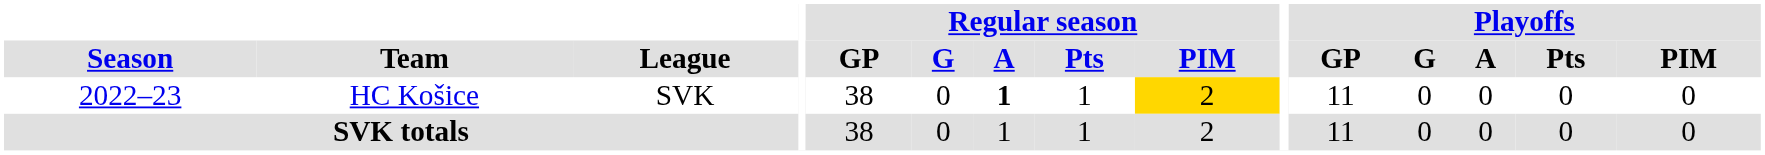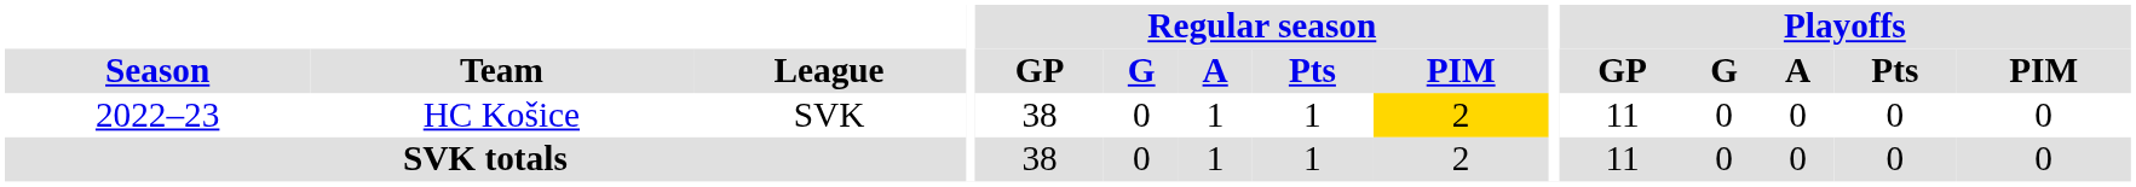 <table border="0" cellpadding="1" cellspacing="0" style="text-align:center; width:60em">
 <tr bgcolor="#e0e0e0">
 <th colspan="3" bgcolor="#ffffff"></th>
 <th rowspan="100" bgcolor="#ffffff"></th>
 <th colspan="5"><a href='#'>Regular season</a></th>
 <th rowspan="100" bgcolor="#ffffff"></th>
 <th colspan="5"><a href='#'>Playoffs</a></th>
 </tr>
 <tr bgcolor="#e0e0e0">
 <th><a href='#'>Season</a></th>
 <th>Team</th>
 <th>League</th>
 <th>GP</th>
 <th><a href='#'>G</a></th>
 <th><a href='#'>A</a></th>
 <th><a href='#'>Pts</a></th>
 <th><a href='#'>PIM</a></th>
 <th>GP</th>
 <th>G</th>
 <th>A</th>
 <th>Pts</th>
 <th>PIM</th>
 </tr>
 <tr>
 <td><a href='#'>2022–23</a></td>
 <td><a href='#'>HC Košice</a></td>
 <td>SVK</td>
 <td>38</td>
 <td>0</td>
-<td><strong>1</strong></td>
+<td>1</td>
 <td>1</td>
 <td style="background: gold;">2</td>
 <td>11</td>
 <td>0</td>
 <td>0</td>
 <td>0</td>
 <td>0</td>
 </tr>
 <tr bgcolor="#e0e0e0">
 <th colspan="3">SVK totals</th>
 <td>38</td>
 <td>0</td>
 <td>1</td>
 <td>1</td>
 <td>2</td>
 <td>11</td>
 <td>0</td>
 <td>0</td>
 <td>0</td>
 <td>0</td>
 </tr>
 </table>
